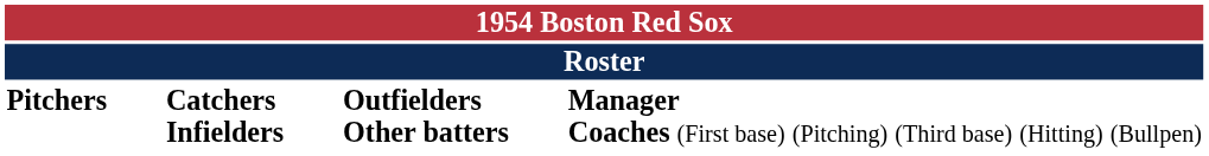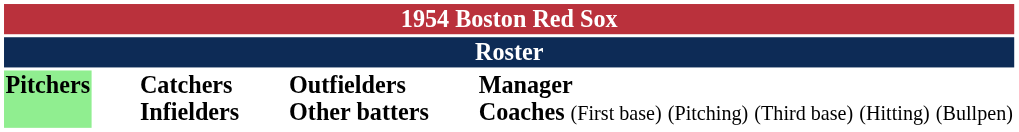 <table class="toccolours" style="text-align: left;">
 <tr>
 <th colspan="10" style="background-color: #ba313c; color: white; text-align: center;">1954 Boston Red Sox</th>
 </tr>
 <tr>
 <td colspan="10" style="background-color: #0d2b56; color: white; text-align: center;"><strong>Roster</strong></td>
 </tr>
 <tr>
-<td valign="top"><strong>Pitchers</strong><br>              </td>
+<td valign="top" style="background: lightgreen;"><strong>Pitchers</strong><br>              </td>
 <td width="25px"></td>
 <td valign="top"><strong>Catchers</strong><br>   <strong>Infielders</strong>          </td>
 <td width="25px"></td>
 <td valign="top"><strong>Outfielders</strong><br>       <strong>Other batters</strong> </td>
 <td width="25px"></td>
 <td valign="top"><strong>Manager</strong><br> <strong>Coaches</strong>  <small>(First base)</small>  <small>(Pitching)</small>  <small>(Third base)</small>  <small>(Hitting)</small>  <small>(Bullpen)</small></td>
 </tr>
 <tr>
 </tr>
 </table>
